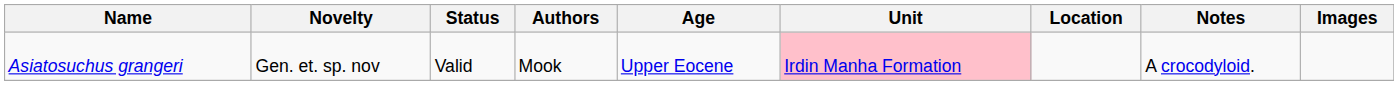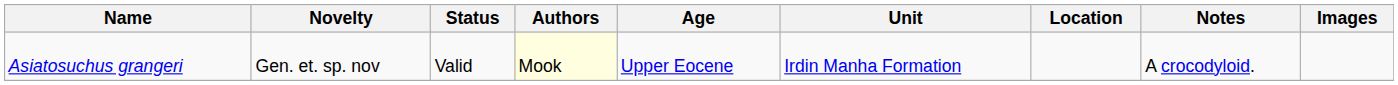 <table class="wikitable sortable" align="center" width="100%">
 <tr>
 <th>Name</th>
 <th>Novelty</th>
 <th>Status</th>
 <th>Authors</th>
 <th>Age</th>
 <th>Unit</th>
 <th>Location</th>
 <th>Notes</th>
 <th>Images</th>
 </tr>
 <tr>
 <td><br><em><a href='#'>Asiatosuchus grangeri</a></em></td>
 <td><br>Gen. et. sp. nov</td>
 <td><br>Valid</td>
-<td><br>Mook</td>
+<td style="background: lightyellow;"><br>Mook</td>
 <td><br><a href='#'>Upper Eocene</a></td>
-<td style="background: pink;"><br><a href='#'>Irdin Manha Formation</a></td>
+<td><br><a href='#'>Irdin Manha Formation</a></td>
 <td><br></td>
 <td><br>A <a href='#'>crocodyloid</a>.</td>
 <td></td>
 </tr>
 <tr>
 </tr>
 </table>
